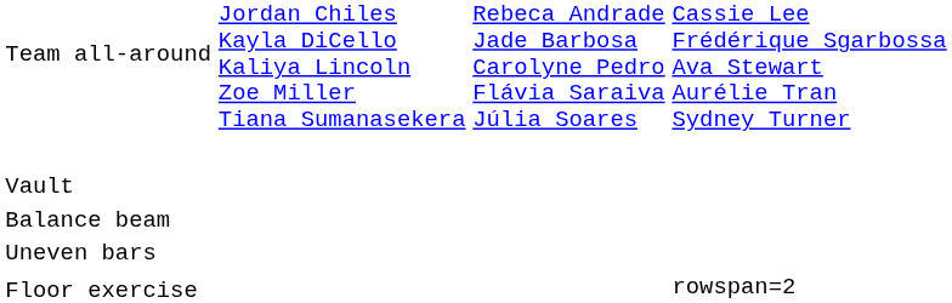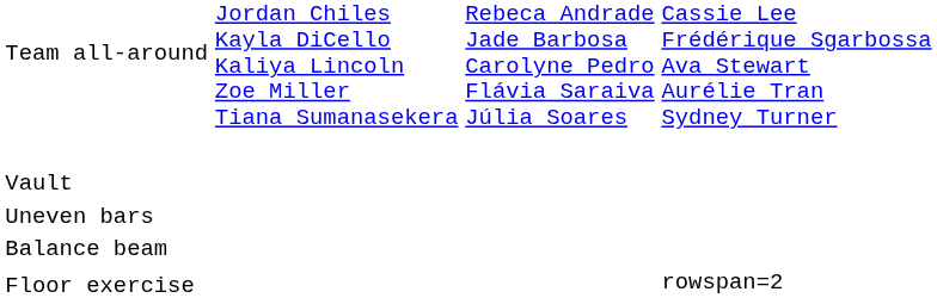 <table>
 <tr>
 <td>Team all-around<br></td>
 <td><br><a href='#'>Jordan Chiles</a><br><a href='#'>Kayla DiCello</a><br><a href='#'>Kaliya Lincoln</a><br><a href='#'>Zoe Miller</a><br><a href='#'>Tiana Sumanasekera</a></td>
 <td><br><a href='#'>Rebeca Andrade</a><br><a href='#'>Jade Barbosa</a><br><a href='#'>Carolyne Pedro</a><br><a href='#'>Flávia Saraiva</a><br><a href='#'>Júlia Soares</a></td>
 <td><br><a href='#'>Cassie Lee</a><br><a href='#'>Frédérique Sgarbossa</a><br><a href='#'>Ava Stewart</a><br><a href='#'>Aurélie Tran</a><br><a href='#'>Sydney Turner</a></td>
 </tr>
 <tr>
 <td><br></td>
 <td></td>
 <td></td>
 <td></td>
 </tr>
 <tr>
 <td>Vault<br></td>
 <td></td>
 <td></td>
 <td></td>
 </tr>
 <tr>
-<td>Balance beam<br></td>
+<td>Uneven bars<br></td>
 <td></td>
 <td></td>
 <td></td>
 </tr>
 <tr>
-<td>Uneven bars<br></td>
+<td>Balance beam<br></td>
 <td></td>
 <td></td>
 <td></td>
 </tr>
 <tr>
 <td rowspan=2>Floor exercise<br></td>
 <td rowspan=2></td>
 <td></td>
 <td>rowspan=2 </td>
 </tr>
 <tr>
 <td></td>
 </tr>
 </table>
